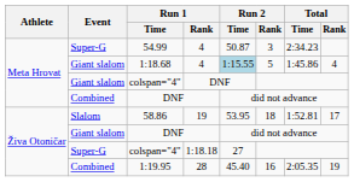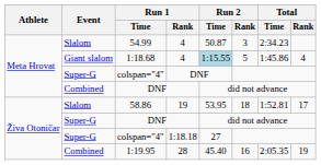 <table class="wikitable" style="font-size:90%">
 <tr>
 <th rowspan=2>Athlete</th>
 <th rowspan=2>Event</th>
 <th colspan=2>Run 1</th>
 <th colspan=2>Run 2</th>
 <th colspan=2>Total</th>
 </tr>
 <tr style="font-size:95%">
 <th>Time</th>
 <th>Rank</th>
 <th>Time</th>
 <th>Rank</th>
 <th>Time</th>
 <th>Rank</th>
 </tr>
 <tr align=center>
 <td align="left" rowspan="4"><a href='#'>Meta Hrovat</a></td>
-<td align="left"><a href='#'>Super-G</a></td>
+<td align="left"><a href='#'>Slalom</a></td>
 <td>54.99</td>
 <td>4</td>
 <td>50.87</td>
 <td>3</td>
 <td>2:34.23</td>
 <td></td>
 </tr>
 <tr align=center>
 <td align="left"><a href='#'>Giant slalom</a></td>
 <td>1:18.68</td>
 <td>4</td>
 <td style="background: lightblue;">1:15.55</td>
 <td>5</td>
 <td>1:45.86</td>
 <td>4</td>
 </tr>
 <tr align=center>
-<td align="left"><a href='#'>Giant slalom</a></td>
+<td align="left"><a href='#'>Super-G</a></td>
 <td>colspan="4" </td>
 <td colspan=2>DNF</td>
 </tr>
 <tr align=center>
 <td align="left"><a href='#'>Combined</a></td>
 <td colspan=2>DNF</td>
 <td colspan=4>did not advance</td>
 </tr>
 <tr align=center>
 <td align="left" rowspan="4"><a href='#'>Živa Otoničar</a></td>
 <td align="left"><a href='#'>Slalom</a></td>
 <td>58.86</td>
 <td>19</td>
 <td>53.95</td>
 <td>18</td>
 <td>1:52.81</td>
 <td>17</td>
 </tr>
 <tr align=center>
-<td align="left"><a href='#'>Giant slalom</a></td>
+<td align="left"><a href='#'>Super-G</a></td>
 <td colspan=2>DNF</td>
 <td colspan=4>did not advance</td>
 </tr>
 <tr align=center>
 <td align="left"><a href='#'>Super-G</a></td>
 <td>colspan="4" </td>
 <td>1:18.18</td>
 <td>27</td>
 </tr>
 <tr align=center>
 <td align="left"><a href='#'>Combined</a></td>
 <td>1:19.95</td>
 <td>28</td>
 <td>45.40</td>
 <td>16</td>
 <td>2:05.35</td>
 <td>19</td>
 </tr>
 </table>
